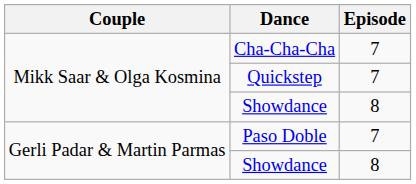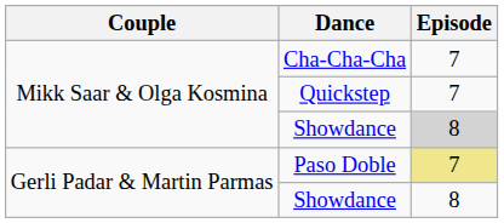 <table class="wikitable">
 <tr>
 <th>Couple</th>
 <th>Dance</th>
 <th>Episode</th>
 </tr>
 <tr -->
 <td align="center" rowspan="3">Mikk Saar & Olga Kosmina</td>
 <td align="center"><a href='#'>Cha-Cha-Cha</a></td>
 <td align="center">7</td>
 </tr>
 <tr>
 <td align="center"><a href='#'>Quickstep</a></td>
 <td align="center">7</td>
 </tr>
 <tr>
 <td align="center"><a href='#'>Showdance</a></td>
-<td align="center">8</td>
+<td align="center" style="background: lightgrey;">8</td>
 </tr>
 <tr>
 <td align="center" rowspan="2">Gerli Padar & Martin Parmas</td>
 <td align="center"><a href='#'>Paso Doble</a></td>
-<td align="center">7</td>
+<td align="center" style="background: khaki;">7</td>
 </tr>
 <tr>
 <td align="center"><a href='#'>Showdance</a></td>
 <td align="center">8</td>
 </tr>
 </table>
